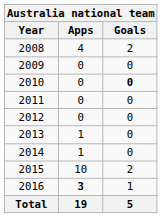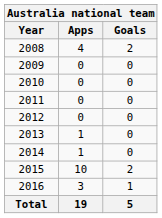 <table class="wikitable" style="text-align:center">
 <tr>
 <th colspan=3>Australia national team</th>
 </tr>
 <tr>
 <th>Year</th>
 <th>Apps</th>
 <th>Goals</th>
 </tr>
 <tr>
 <td>2008</td>
 <td>4</td>
 <td>2</td>
 </tr>
 <tr>
 <td>2009</td>
 <td>0</td>
 <td>0</td>
 </tr>
 <tr>
 <td>2010</td>
 <td>0</td>
-<td><strong>0</strong></td>
+<td>0</td>
 </tr>
 <tr>
 <td>2011</td>
 <td>0</td>
 <td>0</td>
 </tr>
 <tr>
 <td>2012</td>
 <td>0</td>
 <td>0</td>
 </tr>
 <tr>
 <td>2013</td>
 <td>1</td>
 <td>0</td>
 </tr>
 <tr>
 <td>2014</td>
 <td>1</td>
 <td>0</td>
 </tr>
 <tr>
 <td>2015</td>
 <td>10</td>
 <td>2</td>
 </tr>
 <tr>
 <td>2016</td>
-<td><strong>3</strong></td>
+<td>3</td>
 <td>1</td>
 </tr>
 <tr>
 <th>Total</th>
 <th>19</th>
 <th>5</th>
 </tr>
 </table>
